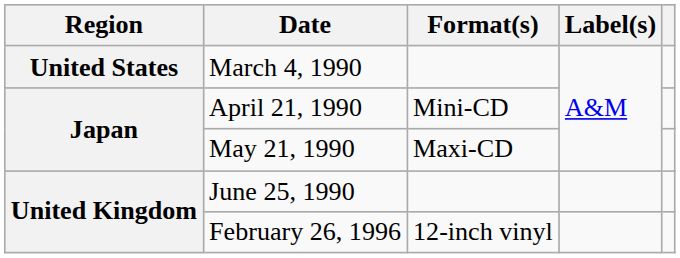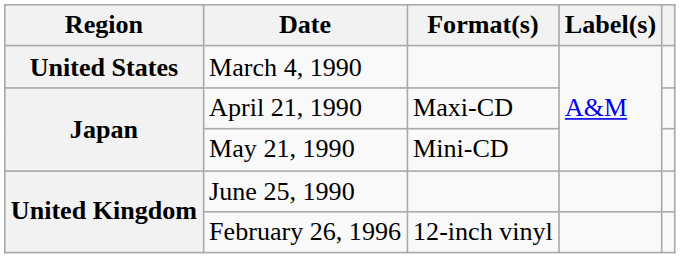 <table class="wikitable plainrowheaders">
 <tr>
 <th scope="col">Region</th>
 <th scope="col">Date</th>
 <th scope="col">Format(s)</th>
 <th scope="col">Label(s)</th>
 <th scope="col"></th>
 </tr>
 <tr>
 <th scope="row">United States</th>
 <td>March 4, 1990</td>
 <td></td>
 <td rowspan="3"><a href='#'>A&M</a></td>
 <td align="center"></td>
 </tr>
 <tr>
 <th scope="row" rowspan="2">Japan</th>
 <td>April 21, 1990</td>
-<td>Mini-CD</td>
+<td>Maxi-CD</td>
 <td align="center"></td>
 </tr>
 <tr>
 <td>May 21, 1990</td>
-<td>Maxi-CD</td>
+<td>Mini-CD</td>
 <td align="center"></td>
 </tr>
 <tr>
 <th scope="row" rowspan="2">United Kingdom</th>
 <td>June 25, 1990</td>
 <td></td>
 <td></td>
 <td align="center"></td>
 </tr>
 <tr>
 <td>February 26, 1996</td>
 <td>12-inch vinyl</td>
 <td></td>
 <td align="center"></td>
 </tr>
 </table>
